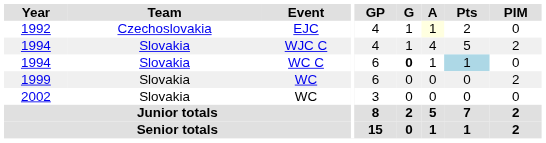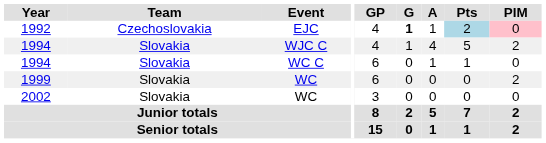 <table border="0" cellpadding="1" cellspacing="0" ID="Table3" style="text-align:center; width:40em">
 <tr bgcolor="#e0e0e0">
 <th>Year</th>
 <th>Team</th>
 <th>Event</th>
 <th rowspan="102" bgcolor="#ffffff"></th>
 <th>GP</th>
 <th>G</th>
 <th>A</th>
 <th>Pts</th>
 <th>PIM</th>
 </tr>
 <tr>
 <td><a href='#'>1992</a></td>
 <td><a href='#'>Czechoslovakia</a></td>
 <td><a href='#'>EJC</a></td>
 <td>4</td>
+<td><strong>1</strong></td>
 <td>1</td>
-<td style="background: lightyellow;">1</td>
-<td>2</td>
-<td>0</td>
+<td style="background: lightblue;">2</td>
+<td style="background: pink;">0</td>
 </tr>
 <tr bgcolor="#f0f0f0">
 <td><a href='#'>1994</a></td>
 <td><a href='#'>Slovakia</a></td>
 <td><a href='#'>WJC C</a></td>
 <td>4</td>
 <td>1</td>
 <td>4</td>
 <td>5</td>
 <td>2</td>
 </tr>
 <tr>
 <td><a href='#'>1994</a></td>
 <td><a href='#'>Slovakia</a></td>
 <td><a href='#'>WC C</a></td>
 <td>6</td>
-<td><strong>0</strong></td>
+<td>0</td>
 <td>1</td>
-<td style="background: lightblue;">1</td>
+<td>1</td>
 <td>0</td>
 </tr>
 <tr bgcolor="#f0f0f0">
 <td><a href='#'>1999</a></td>
 <td>Slovakia</td>
 <td><a href='#'>WC</a></td>
 <td>6</td>
 <td>0</td>
 <td>0</td>
 <td>0</td>
 <td>2</td>
 </tr>
 <tr>
 <td><a href='#'>2002</a></td>
 <td>Slovakia</td>
 <td>WC</td>
 <td>3</td>
 <td>0</td>
 <td>0</td>
 <td>0</td>
 <td>0</td>
 </tr>
 <tr bgcolor="#e0e0e0">
 <th colspan="3">Junior totals</th>
 <th>8</th>
 <th>2</th>
 <th>5</th>
 <th>7</th>
 <th>2</th>
 </tr>
 <tr bgcolor="#e0e0e0">
 <th colspan="3">Senior totals</th>
 <th>15</th>
 <th>0</th>
 <th>1</th>
 <th>1</th>
 <th>2</th>
 </tr>
 </table>
